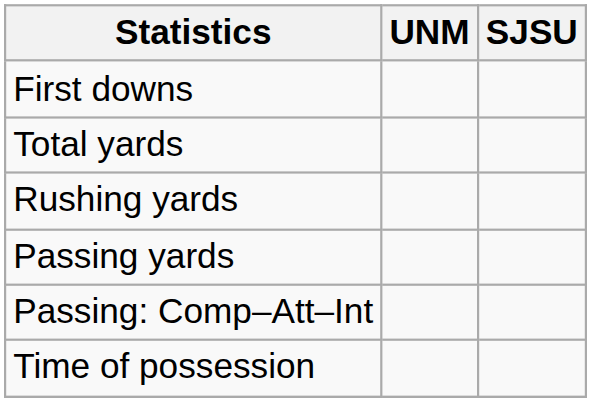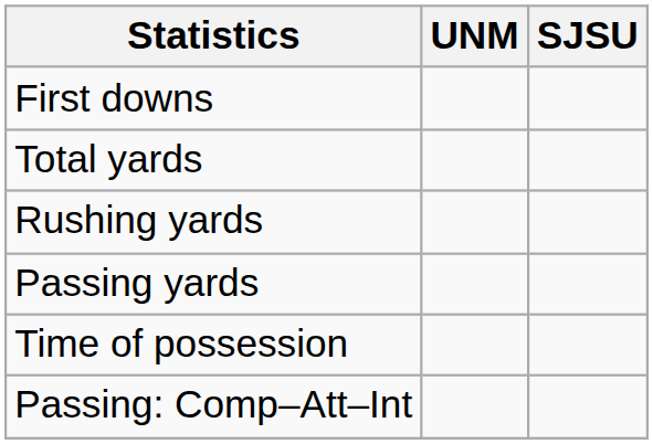 <table class="wikitable" style="float: left;">
 <tr>
 <th>Statistics</th>
 <th>UNM</th>
 <th>SJSU</th>
 </tr>
 <tr>
 <td>First downs</td>
 <td></td>
 <td></td>
 </tr>
 <tr>
 <td>Total yards</td>
 <td></td>
 <td></td>
 </tr>
 <tr>
 <td>Rushing yards</td>
 <td></td>
 <td></td>
 </tr>
 <tr>
 <td>Passing yards</td>
 <td></td>
 <td></td>
 </tr>
 <tr>
-<td>Passing: Comp–Att–Int</td>
+<td>Time of possession</td>
 <td></td>
 <td></td>
 </tr>
 <tr>
-<td>Time of possession</td>
+<td>Passing: Comp–Att–Int</td>
 <td></td>
 <td></td>
 </tr>
 <tr>
 </tr>
 </table>
